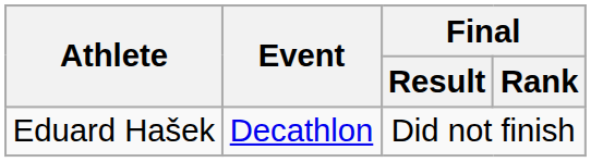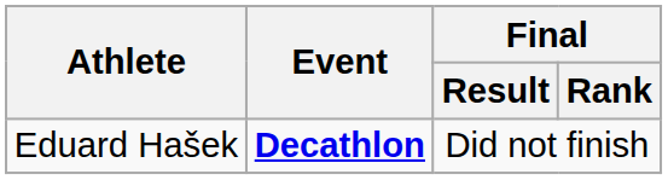 <table class=wikitable style="font-size:90%">
 <tr>
 <th rowspan=2>Athlete</th>
 <th rowspan=2>Event</th>
 <th colspan=2>Final</th>
 </tr>
 <tr>
 <th>Result</th>
 <th>Rank</th>
 </tr>
 <tr>
 <td>Eduard Hašek</td>
-<td><a href='#'>Decathlon</a></td>
+<td><strong><a href='#'>Decathlon</a></strong></td>
 <td align=center colspan=2>Did not finish</td>
 </tr>
 </table>
